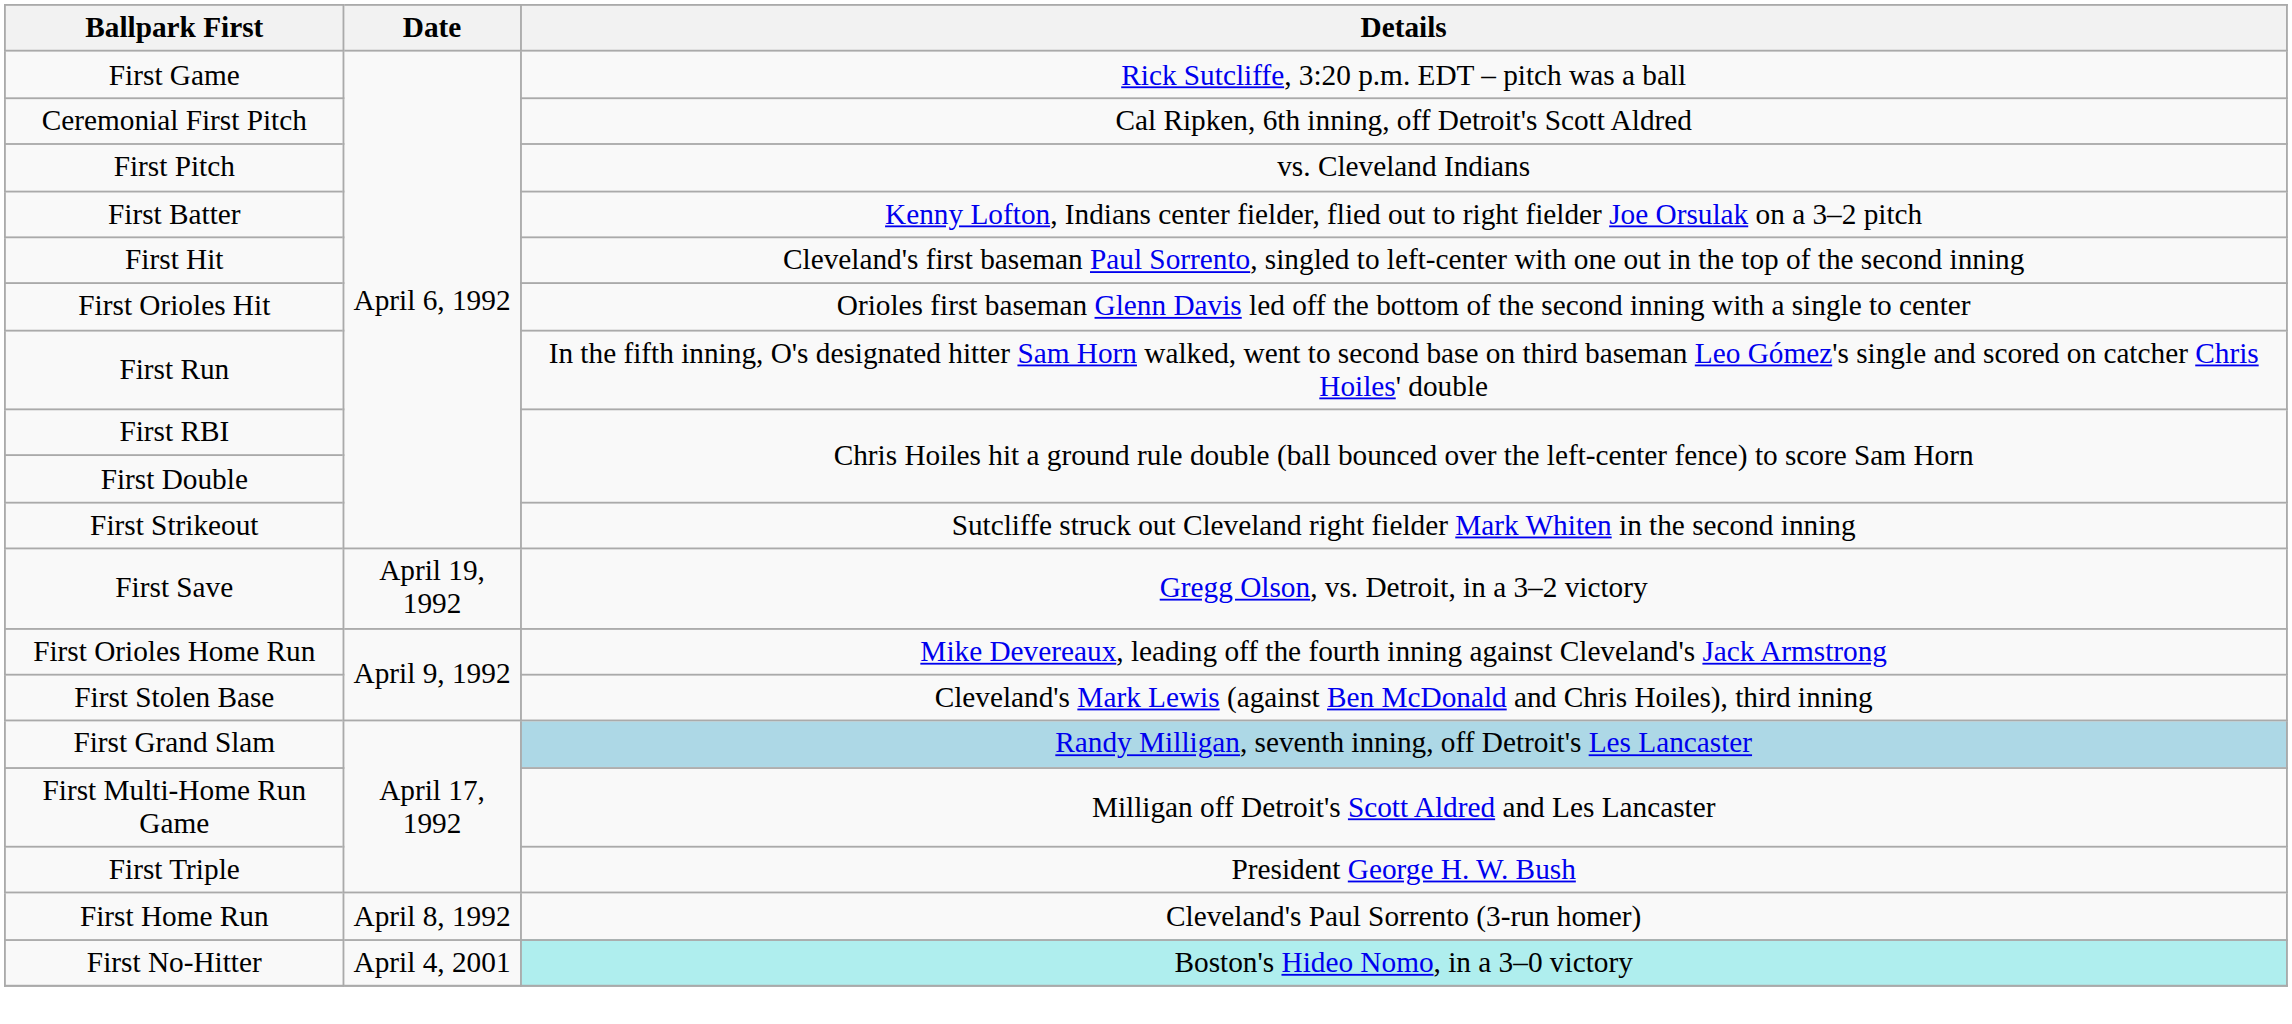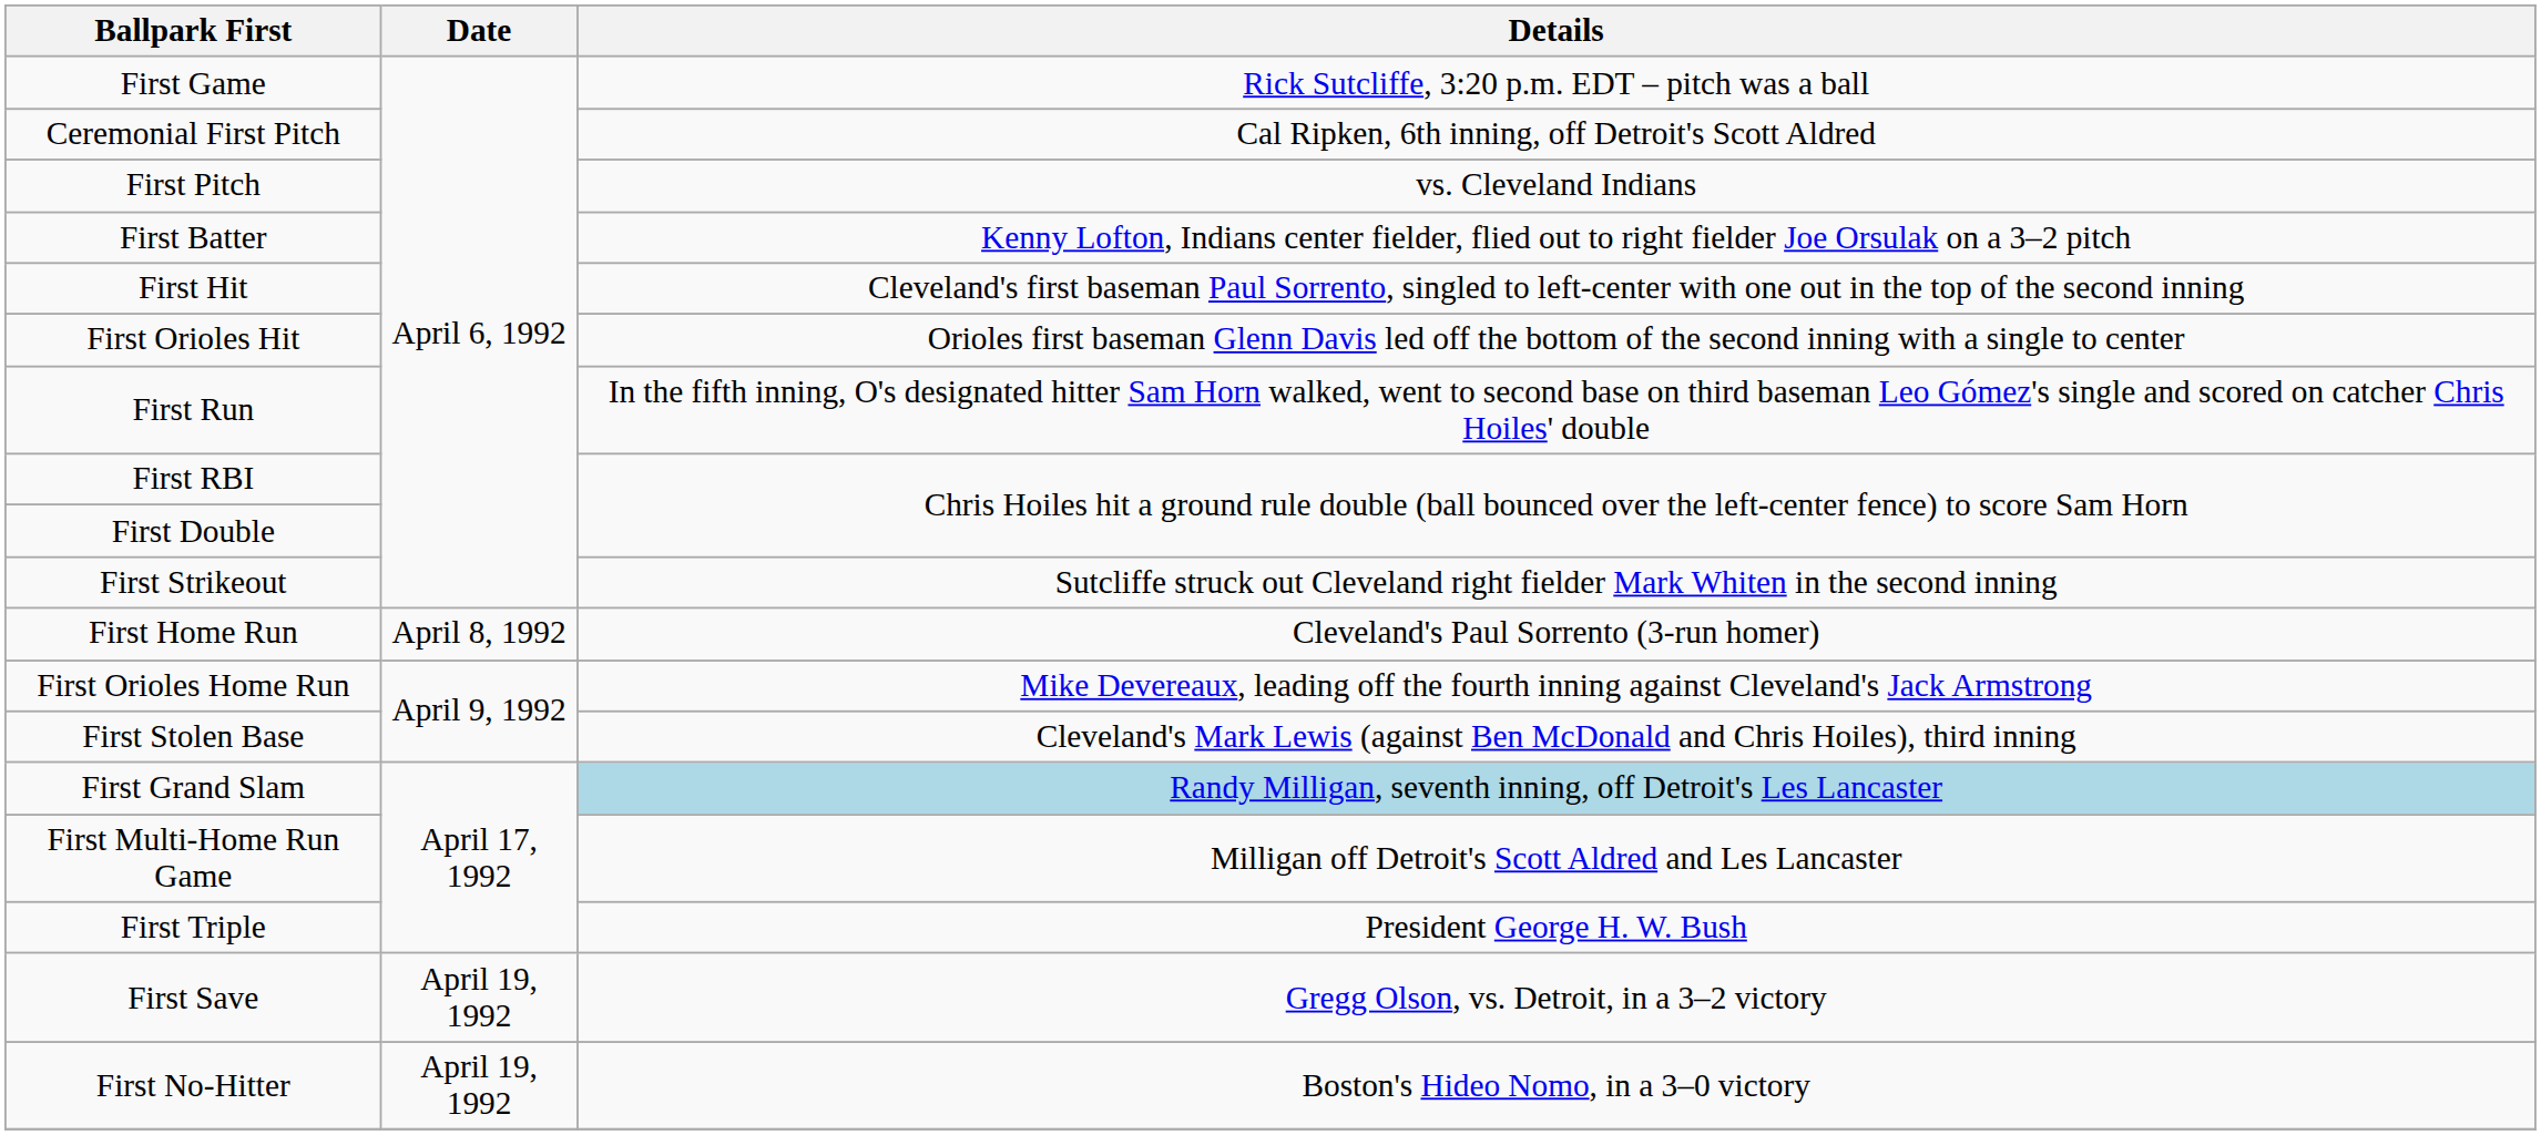 <table class="wikitable sortable" style="text-align:center">
 <tr>
 <th style="text-align:center; ">Ballpark First</th>
 <th style="text-align:center; ">Date</th>
 <th style="text-align:center; ">Details</th>
 </tr>
 <tr>
 <td>First Game</td>
 <td rowspan="10">April 6, 1992</td>
 <td><a href='#'>Rick Sutcliffe</a>, 3:20 p.m. EDT – pitch was a ball</td>
 </tr>
 <tr>
 <td>Ceremonial First Pitch</td>
 <td>Cal Ripken, 6th inning, off Detroit's Scott Aldred</td>
 </tr>
 <tr>
 <td>First Pitch</td>
 <td>vs. Cleveland Indians</td>
 </tr>
 <tr>
 <td>First Batter</td>
 <td><a href='#'>Kenny Lofton</a>, Indians center fielder, flied out to right fielder <a href='#'>Joe Orsulak</a> on a 3–2 pitch</td>
 </tr>
 <tr>
 <td>First Hit</td>
 <td>Cleveland's first baseman <a href='#'>Paul Sorrento</a>, singled to left-center with one out in the top of the second inning</td>
 </tr>
 <tr>
 <td>First Orioles Hit</td>
 <td>Orioles first baseman <a href='#'>Glenn Davis</a> led off the bottom of the second inning with a single to center</td>
 </tr>
 <tr>
 <td>First Run</td>
 <td>In the fifth inning, O's designated hitter <a href='#'>Sam Horn</a> walked, went to second base on third baseman <a href='#'>Leo Gómez</a>'s single and scored on catcher <a href='#'>Chris Hoiles</a>' double</td>
 </tr>
 <tr>
 <td>First RBI</td>
 <td rowspan="2">Chris Hoiles hit a ground rule double (ball bounced over the left-center fence) to score Sam Horn</td>
 </tr>
 <tr>
 <td>First Double</td>
 </tr>
 <tr>
 <td>First Strikeout</td>
 <td>Sutcliffe struck out Cleveland right fielder <a href='#'>Mark Whiten</a> in the second inning</td>
 </tr>
 <tr>
-<td>First Save</td>
-<td>April 19, 1992</td>
-<td><a href='#'>Gregg Olson</a>, vs. Detroit, in a 3–2 victory</td>
+<td>First Home Run</td>
+<td>April 8, 1992</td>
+<td>Cleveland's Paul Sorrento (3-run homer)</td>
 </tr>
 <tr>
 <td>First Orioles Home Run</td>
 <td rowspan="2">April 9, 1992</td>
 <td><a href='#'>Mike Devereaux</a>, leading off the fourth inning against Cleveland's <a href='#'>Jack Armstrong</a></td>
 </tr>
 <tr>
 <td>First Stolen Base</td>
 <td>Cleveland's <a href='#'>Mark Lewis</a> (against <a href='#'>Ben McDonald</a> and Chris Hoiles), third inning</td>
 </tr>
 <tr>
 <td>First Grand Slam</td>
 <td rowspan="3">April 17, 1992</td>
 <td style="background: lightblue;"><a href='#'>Randy Milligan</a>, seventh inning, off Detroit's <a href='#'>Les Lancaster</a></td>
 </tr>
 <tr>
 <td>First Multi-Home Run Game</td>
 <td>Milligan off Detroit's <a href='#'>Scott Aldred</a> and Les Lancaster</td>
 </tr>
 <tr>
 <td>First Triple</td>
 <td>President <a href='#'>George H. W. Bush</a></td>
 </tr>
 <tr>
-<td>First Home Run</td>
-<td>April 8, 1992</td>
-<td>Cleveland's Paul Sorrento (3-run homer)</td>
+<td>First Save</td>
+<td>April 19, 1992</td>
+<td><a href='#'>Gregg Olson</a>, vs. Detroit, in a 3–2 victory</td>
 </tr>
 <tr>
 <td>First No-Hitter</td>
-<td>April 4, 2001</td>
-<td style="background: paleturquoise;">Boston's <a href='#'>Hideo Nomo</a>, in a 3–0 victory</td>
+<td>April 19, 1992</td>
+<td>Boston's <a href='#'>Hideo Nomo</a>, in a 3–0 victory</td>
 </tr>
 <tr>
 </tr>
 </table>
